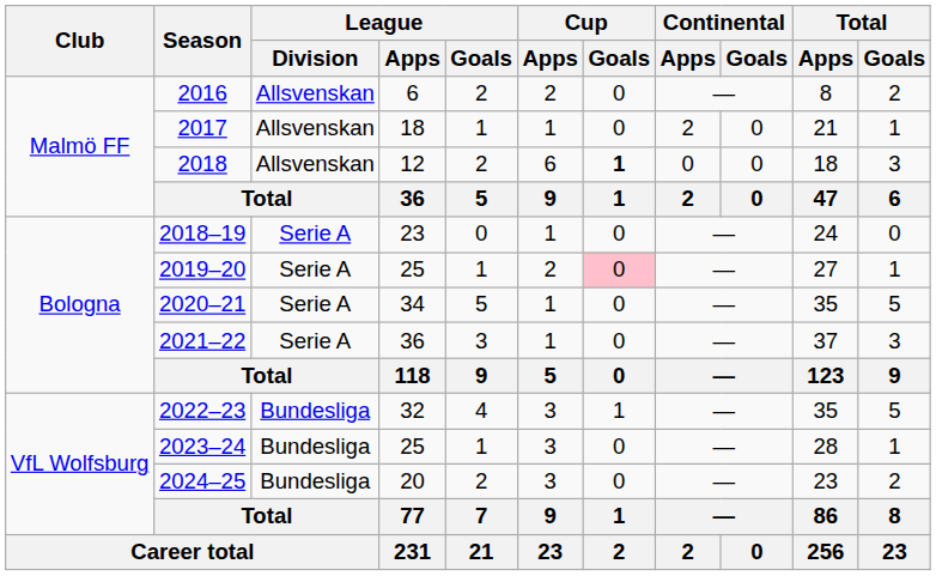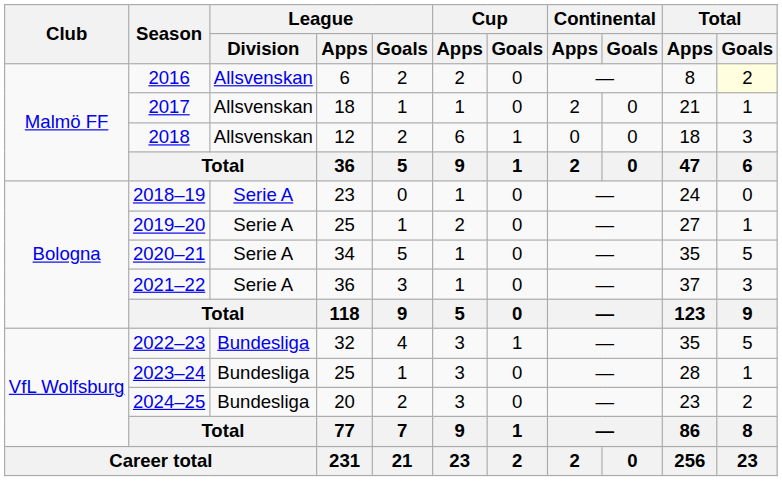 <table class="wikitable" style="text-align:center">
 <tr>
 <th rowspan="2">Club</th>
 <th rowspan="2">Season</th>
 <th colspan="3">League</th>
 <th colspan="2">Cup</th>
 <th colspan="2">Continental</th>
 <th colspan="2">Total</th>
 </tr>
 <tr>
 <th>Division</th>
 <th>Apps</th>
 <th>Goals</th>
 <th>Apps</th>
 <th>Goals</th>
 <th>Apps</th>
 <th>Goals</th>
 <th>Apps</th>
 <th>Goals</th>
 </tr>
 <tr>
 <td rowspan="4"><a href='#'>Malmö FF</a></td>
 <td><a href='#'>2016</a></td>
 <td><a href='#'>Allsvenskan</a></td>
 <td>6</td>
 <td>2</td>
 <td>2</td>
 <td>0</td>
 <td colspan="2">—</td>
 <td>8</td>
-<td>2</td>
+<td style="background: lightyellow;">2</td>
 </tr>
 <tr>
 <td><a href='#'>2017</a></td>
 <td>Allsvenskan</td>
 <td>18</td>
 <td>1</td>
 <td>1</td>
 <td>0</td>
 <td>2</td>
 <td>0</td>
 <td>21</td>
 <td>1</td>
 </tr>
 <tr>
 <td><a href='#'>2018</a></td>
 <td>Allsvenskan</td>
 <td>12</td>
 <td>2</td>
 <td>6</td>
-<td><strong>1</strong></td>
+<td>1</td>
 <td>0</td>
 <td>0</td>
 <td>18</td>
 <td>3</td>
 </tr>
 <tr>
 <th colspan="2">Total</th>
 <th>36</th>
 <th>5</th>
 <th>9</th>
 <th>1</th>
 <th>2</th>
 <th>0</th>
 <th>47</th>
 <th>6</th>
 </tr>
 <tr>
 <td rowspan="5"><a href='#'>Bologna</a></td>
 <td><a href='#'>2018–19</a></td>
 <td><a href='#'>Serie A</a></td>
 <td>23</td>
 <td>0</td>
 <td>1</td>
 <td>0</td>
 <td colspan="2">—</td>
 <td>24</td>
 <td>0</td>
 </tr>
 <tr>
 <td><a href='#'>2019–20</a></td>
 <td>Serie A</td>
 <td>25</td>
 <td>1</td>
 <td>2</td>
-<td style="background: pink;">0</td>
+<td>0</td>
 <td colspan="2">—</td>
 <td>27</td>
 <td>1</td>
 </tr>
 <tr>
 <td><a href='#'>2020–21</a></td>
 <td>Serie A</td>
 <td>34</td>
 <td>5</td>
 <td>1</td>
 <td>0</td>
 <td colspan="2">—</td>
 <td>35</td>
 <td>5</td>
 </tr>
 <tr>
 <td><a href='#'>2021–22</a></td>
 <td>Serie A</td>
 <td>36</td>
 <td>3</td>
 <td>1</td>
 <td>0</td>
 <td colspan="2">—</td>
 <td>37</td>
 <td>3</td>
 </tr>
 <tr>
 <th colspan="2">Total</th>
 <th>118</th>
 <th>9</th>
 <th>5</th>
 <th>0</th>
 <th colspan="2">—</th>
 <th>123</th>
 <th>9</th>
 </tr>
 <tr>
 <td rowspan="4"><a href='#'>VfL Wolfsburg</a></td>
 <td><a href='#'>2022–23</a></td>
 <td><a href='#'>Bundesliga</a></td>
 <td>32</td>
 <td>4</td>
 <td>3</td>
 <td>1</td>
 <td colspan="2">—</td>
 <td>35</td>
 <td>5</td>
 </tr>
 <tr>
 <td><a href='#'>2023–24</a></td>
 <td>Bundesliga</td>
 <td>25</td>
 <td>1</td>
 <td>3</td>
 <td>0</td>
 <td colspan="2">—</td>
 <td>28</td>
 <td>1</td>
 </tr>
 <tr>
 <td><a href='#'>2024–25</a></td>
 <td>Bundesliga</td>
 <td>20</td>
 <td>2</td>
 <td>3</td>
 <td>0</td>
 <td colspan="2">—</td>
 <td>23</td>
 <td>2</td>
 </tr>
 <tr>
 <th colspan="2">Total</th>
 <th>77</th>
 <th>7</th>
 <th>9</th>
 <th>1</th>
 <th colspan="2">—</th>
 <th>86</th>
 <th>8</th>
 </tr>
 <tr>
 <th colspan="3">Career total</th>
 <th>231</th>
 <th>21</th>
 <th>23</th>
 <th>2</th>
 <th>2</th>
 <th>0</th>
 <th>256</th>
 <th>23</th>
 </tr>
 </table>
